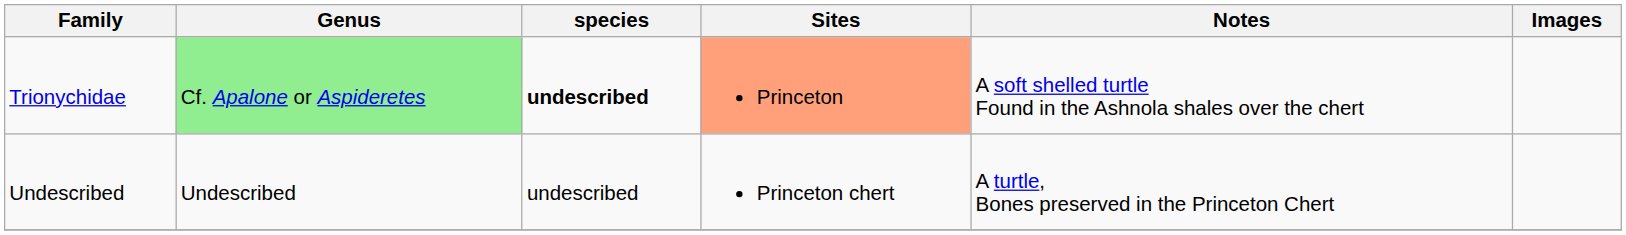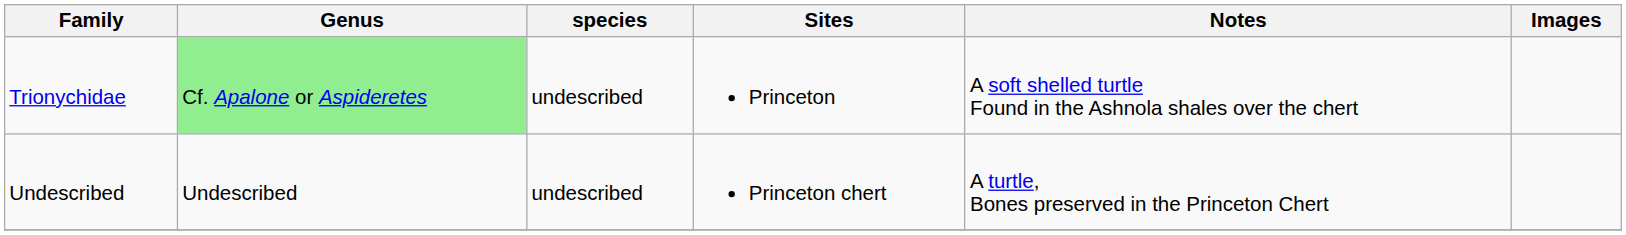 <table class="wikitable sortable"  style="margin:auto; width:100%;">
 <tr>
 <th>Family</th>
 <th>Genus</th>
 <th>species</th>
 <th>Sites</th>
 <th>Notes</th>
 <th>Images</th>
 </tr>
 <tr>
 <td><br><a href='#'>Trionychidae</a></td>
 <td style="background: lightgreen;"><br>Cf. <em><a href='#'>Apalone</a></em> or <em><a href='#'>Aspideretes</a></em></td>
-<td><strong><br>undescribed</strong></td>
-<td style="background: lightsalmon;"><br><ul><li>Princeton</li></ul></td>
+<td><br>undescribed</td>
+<td><br><ul><li>Princeton</li></ul></td>
 <td><br>A <a href='#'>soft shelled turtle</a><br> Found in the Ashnola shales over the chert</td>
 <td></td>
 </tr>
 <tr>
 <td><br>Undescribed</td>
 <td><br>Undescribed</td>
 <td><br>undescribed</td>
 <td><br><ul><li>Princeton chert</li></ul></td>
 <td><br>A <a href='#'>turtle</a>,<br> Bones preserved in the Princeton Chert</td>
 <td></td>
 </tr>
 <tr>
 </tr>
 </table>
